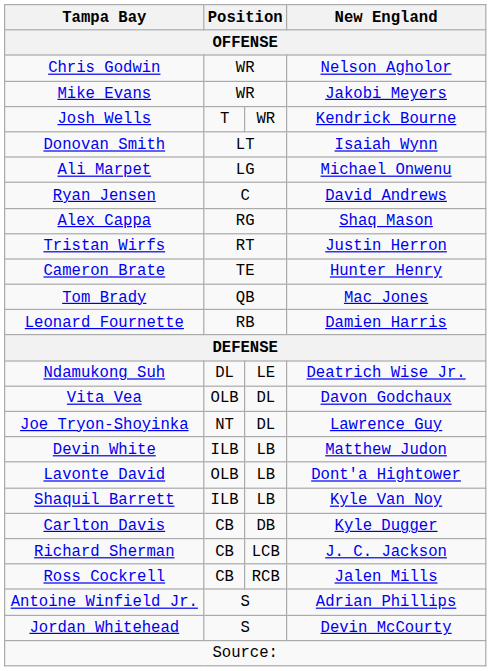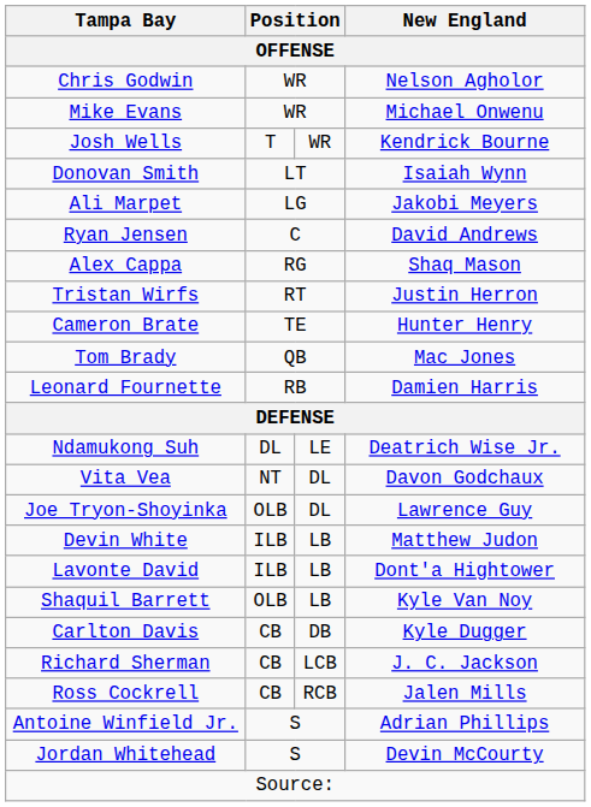 <table class="wikitable" style="text-align:center">
 <tr>
 <th style="width:160px">Tampa Bay</th>
 <th colspan="2">Position</th>
 <th style="width:160px">New England</th>
 </tr>
 <tr>
 <th colspan="4" style="text-align:center">OFFENSE</th>
 </tr>
 <tr>
 <td><a href='#'>Chris Godwin</a></td>
 <td colspan="2" style="text-align:center">WR</td>
 <td><a href='#'>Nelson Agholor</a></td>
 </tr>
 <tr>
 <td><a href='#'>Mike Evans</a></td>
 <td colspan="2" style="text-align:center">WR</td>
-<td><a href='#'>Jakobi Meyers</a></td>
+<td><a href='#'>Michael Onwenu</a></td>
 </tr>
 <tr>
 <td><a href='#'>Josh Wells</a></td>
 <td style="text-align:center">T</td>
 <td style="text-align:center">WR</td>
 <td><a href='#'>Kendrick Bourne</a></td>
 </tr>
 <tr>
 <td><a href='#'>Donovan Smith</a></td>
 <td colspan="2" style="text-align:center">LT</td>
 <td><a href='#'>Isaiah Wynn</a></td>
 </tr>
 <tr>
 <td><a href='#'>Ali Marpet</a></td>
 <td colspan="2" style="text-align:center">LG</td>
-<td><a href='#'>Michael Onwenu</a></td>
+<td><a href='#'>Jakobi Meyers</a></td>
 </tr>
 <tr>
 <td><a href='#'>Ryan Jensen</a></td>
 <td colspan="2" style="text-align:center">C</td>
 <td><a href='#'>David Andrews</a></td>
 </tr>
 <tr>
 <td><a href='#'>Alex Cappa</a></td>
 <td colspan="2" style="text-align:center">RG</td>
 <td><a href='#'>Shaq Mason</a></td>
 </tr>
 <tr>
 <td><a href='#'>Tristan Wirfs</a></td>
 <td colspan="2" style="text-align:center">RT</td>
 <td><a href='#'>Justin Herron</a></td>
 </tr>
 <tr>
 <td><a href='#'>Cameron Brate</a></td>
 <td colspan="2" style="text-align:center">TE</td>
 <td><a href='#'>Hunter Henry</a></td>
 </tr>
 <tr>
 <td><a href='#'>Tom Brady</a></td>
 <td colspan="2" style="text-align:center">QB</td>
 <td><a href='#'>Mac Jones</a></td>
 </tr>
 <tr>
 <td><a href='#'>Leonard Fournette</a></td>
 <td colspan="2" style="text-align:center">RB</td>
 <td><a href='#'>Damien Harris</a></td>
 </tr>
 <tr>
 <th colspan="4" style="text-align:center">DEFENSE</th>
 </tr>
 <tr>
 <td><a href='#'>Ndamukong Suh</a></td>
 <td style="text-align:center">DL</td>
 <td style="text-align:center">LE</td>
 <td><a href='#'>Deatrich Wise Jr.</a></td>
 </tr>
 <tr>
 <td><a href='#'>Vita Vea</a></td>
-<td style="text-align:center">OLB</td>
+<td style="text-align:center">NT</td>
 <td style="text-align:center">DL</td>
 <td><a href='#'>Davon Godchaux</a></td>
 </tr>
 <tr>
 <td><a href='#'>Joe Tryon-Shoyinka</a></td>
-<td style="text-align:center">NT</td>
+<td style="text-align:center">OLB</td>
 <td style="text-align:center">DL</td>
 <td><a href='#'>Lawrence Guy</a></td>
 </tr>
 <tr>
 <td><a href='#'>Devin White</a></td>
 <td style="text-align:center">ILB</td>
 <td style="text-align:center">LB</td>
 <td><a href='#'>Matthew Judon</a></td>
 </tr>
 <tr>
 <td><a href='#'>Lavonte David</a></td>
-<td style="text-align:center">OLB</td>
+<td style="text-align:center">ILB</td>
 <td style="text-align:center">LB</td>
 <td><a href='#'>Dont'a Hightower</a></td>
 </tr>
 <tr>
 <td><a href='#'>Shaquil Barrett</a></td>
-<td style="text-align:center">ILB</td>
+<td style="text-align:center">OLB</td>
 <td style="text-align:center">LB</td>
 <td><a href='#'>Kyle Van Noy</a></td>
 </tr>
 <tr>
 <td><a href='#'>Carlton Davis</a></td>
 <td style="text-align:center">CB</td>
 <td style="text-align:center">DB</td>
 <td><a href='#'>Kyle Dugger</a></td>
 </tr>
 <tr>
 <td><a href='#'>Richard Sherman</a></td>
 <td style="text-align:center">CB</td>
 <td style="text-align:center">LCB</td>
 <td><a href='#'>J. C. Jackson</a></td>
 </tr>
 <tr>
 <td><a href='#'>Ross Cockrell</a></td>
 <td style="text-align:center">CB</td>
 <td style="text-align:center">RCB</td>
 <td><a href='#'>Jalen Mills</a></td>
 </tr>
 <tr>
 <td><a href='#'>Antoine Winfield Jr.</a></td>
 <td colspan="2" style="text-align:center">S</td>
 <td><a href='#'>Adrian Phillips</a></td>
 </tr>
 <tr>
 <td><a href='#'>Jordan Whitehead</a></td>
 <td colspan="2" style="text-align:center">S</td>
 <td><a href='#'>Devin McCourty</a></td>
 </tr>
 <tr>
 <td colspan="4">Source: </td>
 </tr>
 </table>
